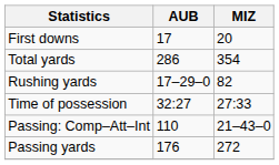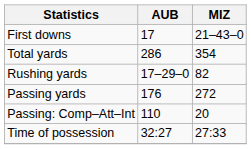 <table class="wikitable" style="float: left;">
 <tr>
 <th>Statistics</th>
 <th>AUB</th>
 <th>MIZ</th>
 </tr>
 <tr>
 <td>First downs</td>
 <td>17</td>
-<td>20</td>
+<td>21–43–0</td>
 </tr>
 <tr>
 <td>Total yards</td>
 <td>286</td>
 <td>354</td>
 </tr>
 <tr>
 <td>Rushing yards</td>
 <td>17–29–0</td>
 <td>82</td>
 </tr>
 <tr>
+<td>Passing yards</td>
+<td>176</td>
+<td>272</td>
+</tr>
+<tr>
+<td>Passing: Comp–Att–Int</td>
+<td>110</td>
+<td>20</td>
+</tr>
+<tr>
 <td>Time of possession</td>
 <td>32:27</td>
 <td>27:33</td>
 </tr>
 <tr>
-<td>Passing: Comp–Att–Int</td>
-<td>110</td>
-<td>21–43–0</td>
-</tr>
-<tr>
-<td>Passing yards</td>
-<td>176</td>
-<td>272</td>
-</tr>
-<tr>
 </tr>
 </table>
